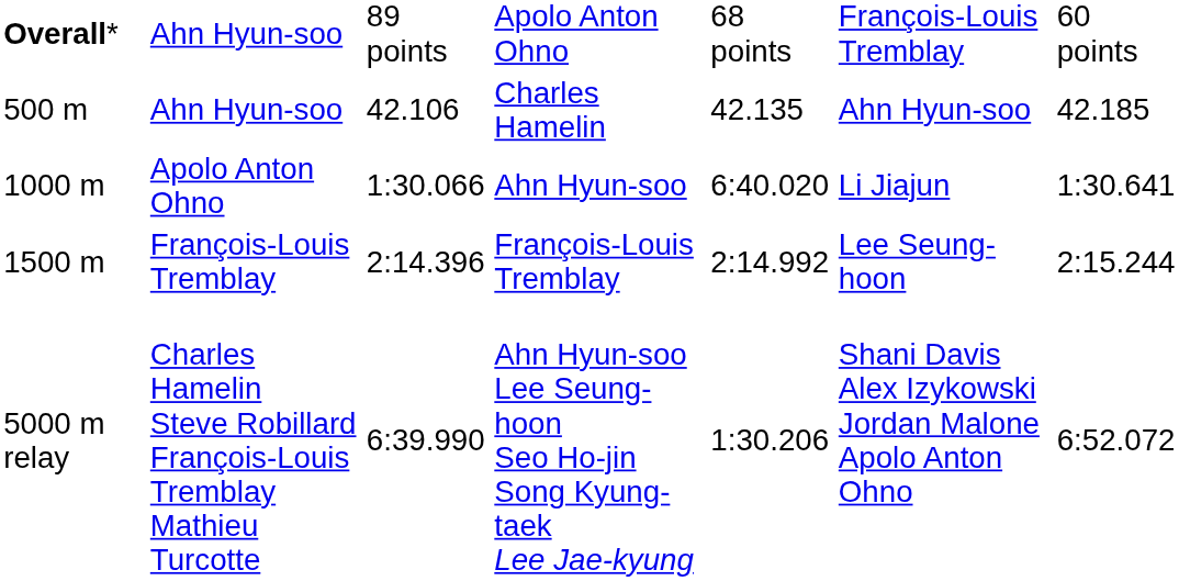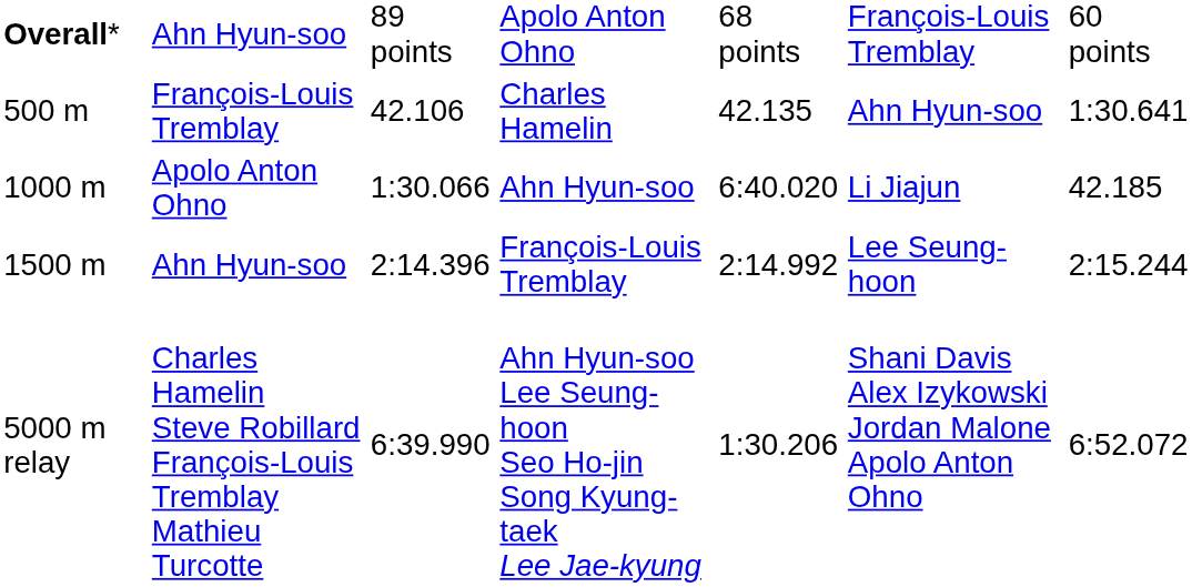 <table>
 <tr>
 <td><strong>Overall</strong>*</td>
 <td><a href='#'>Ahn Hyun-soo</a><br></td>
 <td>89 points</td>
 <td><a href='#'>Apolo Anton Ohno</a><br></td>
 <td>68 points</td>
 <td><a href='#'>François-Louis Tremblay</a><br></td>
 <td>60 points</td>
 </tr>
 <tr>
 <td>500 m</td>
-<td><a href='#'>Ahn Hyun-soo</a><br></td>
+<td><a href='#'>François-Louis Tremblay</a><br></td>
 <td>42.106</td>
 <td><a href='#'>Charles Hamelin</a><br></td>
 <td>42.135</td>
 <td><a href='#'>Ahn Hyun-soo</a><br></td>
-<td>42.185</td>
+<td>1:30.641</td>
 </tr>
 <tr>
 <td>1000 m</td>
 <td><a href='#'>Apolo Anton Ohno</a><br></td>
 <td>1:30.066</td>
 <td><a href='#'>Ahn Hyun-soo</a><br></td>
 <td>6:40.020</td>
 <td><a href='#'>Li Jiajun</a><br></td>
-<td>1:30.641</td>
+<td>42.185</td>
 </tr>
 <tr>
 <td>1500 m</td>
-<td><a href='#'>François-Louis Tremblay</a><br></td>
+<td><a href='#'>Ahn Hyun-soo</a><br></td>
 <td>2:14.396</td>
 <td><a href='#'>François-Louis Tremblay</a><br></td>
 <td>2:14.992</td>
 <td><a href='#'>Lee Seung-hoon</a><br></td>
 <td>2:15.244</td>
 </tr>
 <tr>
 <td>5000 m relay</td>
 <td valign=top><br><a href='#'>Charles Hamelin</a><br><a href='#'>Steve Robillard</a><br><a href='#'>François-Louis Tremblay</a><br><a href='#'>Mathieu Turcotte</a></td>
 <td>6:39.990</td>
 <td valign=top><br><a href='#'>Ahn Hyun-soo</a><br><a href='#'>Lee Seung-hoon</a><br><a href='#'>Seo Ho-jin</a><br><a href='#'>Song Kyung-taek</a><br><em><a href='#'>Lee Jae-kyung</a></em></td>
 <td>1:30.206</td>
 <td valign=top><br><a href='#'>Shani Davis</a><br><a href='#'>Alex Izykowski</a><br> <a href='#'>Jordan Malone</a><br><a href='#'>Apolo Anton Ohno</a></td>
 <td>6:52.072</td>
 </tr>
 </table>
